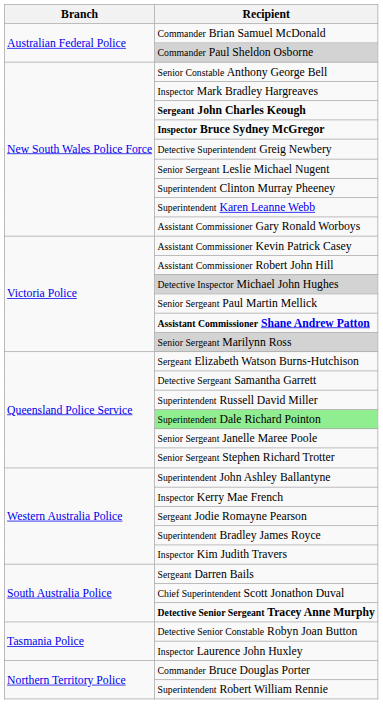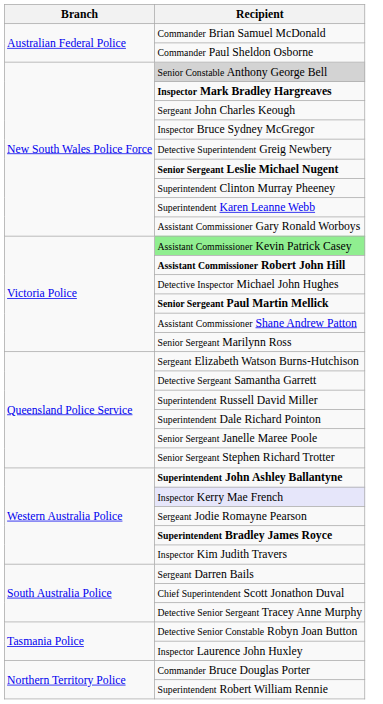 <table class="wikitable" style="font-size:95%;">
 <tr>
 <th>Branch</th>
 <th>Recipient</th>
 </tr>
 <tr>
 <td rowspan="2"><a href='#'>Australian Federal Police</a></td>
 <td><small>Commander</small> Brian Samuel McDonald</td>
 </tr>
 <tr>
-<td style="background: lightgrey;"><small>Commander</small> Paul Sheldon Osborne</td>
+<td><small>Commander</small> Paul Sheldon Osborne</td>
 </tr>
 <tr>
 <td rowspan="9"><a href='#'>New South Wales Police Force</a></td>
-<td><small>Senior Constable</small> Anthony George Bell</td>
+<td style="background: lightgrey;"><small>Senior Constable</small> Anthony George Bell</td>
 </tr>
 <tr>
-<td><small>Inspector</small> Mark Bradley Hargreaves</td>
+<td><strong><small>Inspector</small> Mark Bradley Hargreaves</strong></td>
 </tr>
 <tr>
-<td><strong><small>Sergeant</small> John Charles Keough</strong></td>
+<td><small>Sergeant</small> John Charles Keough</td>
 </tr>
 <tr>
-<td><strong><small>Inspector</small>  Bruce Sydney McGregor</strong></td>
+<td><small>Inspector</small>  Bruce Sydney McGregor</td>
 </tr>
 <tr>
 <td><small>Detective Superintendent</small> Greig Newbery</td>
 </tr>
 <tr>
-<td><small>Senior Sergeant</small> Leslie Michael Nugent</td>
+<td><strong><small>Senior Sergeant</small> Leslie Michael Nugent</strong></td>
 </tr>
 <tr>
 <td><small>Superintendent</small> Clinton Murray Pheeney</td>
 </tr>
 <tr>
 <td><small>Superintendent</small> <a href='#'>Karen Leanne Webb</a></td>
 </tr>
 <tr>
 <td><small>Assistant Commissioner</small> Gary Ronald Worboys</td>
 </tr>
 <tr>
 <td rowspan="6"><a href='#'>Victoria Police</a></td>
-<td><small>Assistant Commissioner</small> Kevin Patrick Casey</td>
+<td style="background: lightgreen;"><small>Assistant Commissioner</small> Kevin Patrick Casey</td>
 </tr>
 <tr>
-<td><small>Assistant Commissioner</small> Robert John Hill</td>
+<td><strong><small>Assistant Commissioner</small> Robert John Hill</strong></td>
 </tr>
 <tr>
-<td style="background: lightgrey;"><small>Detective Inspector</small> Michael John Hughes</td>
+<td><small>Detective Inspector</small> Michael John Hughes</td>
 </tr>
 <tr>
-<td><small>Senior Sergeant</small> Paul Martin Mellick</td>
+<td><strong><small>Senior Sergeant</small> Paul Martin Mellick</strong></td>
 </tr>
 <tr>
-<td><strong><small>Assistant Commissioner</small> <a href='#'>Shane Andrew Patton</a></strong></td>
+<td><small>Assistant Commissioner</small> <a href='#'>Shane Andrew Patton</a></td>
 </tr>
 <tr>
-<td style="background: lightgrey;"><small>Senior Sergeant</small> Marilynn Ross</td>
+<td><small>Senior Sergeant</small> Marilynn Ross</td>
 </tr>
 <tr>
 <td rowspan="6"><a href='#'>Queensland Police Service</a></td>
 <td><small>Sergeant</small> Elizabeth Watson Burns-Hutchison</td>
 </tr>
 <tr>
 <td><small>Detective Sergeant</small> Samantha Garrett</td>
 </tr>
 <tr>
 <td><small>Superintendent</small> Russell David Miller</td>
 </tr>
 <tr>
-<td style="background: lightgreen;"><small>Superintendent</small> Dale Richard Pointon</td>
+<td><small>Superintendent</small> Dale Richard Pointon</td>
 </tr>
 <tr>
 <td><small>Senior Sergeant</small> Janelle Maree Poole</td>
 </tr>
 <tr>
 <td><small>Senior Sergeant</small> Stephen Richard Trotter</td>
 </tr>
 <tr>
 <td rowspan="5"><a href='#'>Western Australia Police</a></td>
-<td><small>Superintendent</small> John Ashley Ballantyne</td>
+<td><strong><small>Superintendent</small> John Ashley Ballantyne</strong></td>
 </tr>
 <tr>
-<td><small>Inspector</small> Kerry Mae French</td>
+<td style="background: lavender;"><small>Inspector</small> Kerry Mae French</td>
 </tr>
 <tr>
 <td><small>Sergeant</small> Jodie Romayne Pearson</td>
 </tr>
 <tr>
-<td><small>Superintendent</small> Bradley James Royce</td>
+<td><strong><small>Superintendent</small> Bradley James Royce</strong></td>
 </tr>
 <tr>
 <td><small>Inspector</small> Kim Judith Travers</td>
 </tr>
 <tr>
 <td rowspan="3"><a href='#'>South Australia Police</a></td>
 <td><small>Sergeant</small> Darren Bails</td>
 </tr>
 <tr>
 <td><small>Chief Superintendent</small> Scott Jonathon Duval</td>
 </tr>
 <tr>
-<td><strong><small>Detective Senior Sergeant</small> Tracey Anne Murphy</strong></td>
+<td><small>Detective Senior Sergeant</small> Tracey Anne Murphy</td>
 </tr>
 <tr>
 <td rowspan="2"><a href='#'>Tasmania Police</a></td>
 <td><small>Detective Senior Constable</small> Robyn Joan Button</td>
 </tr>
 <tr>
 <td><small>Inspector</small> Laurence John Huxley</td>
 </tr>
 <tr>
 <td rowspan="2"><a href='#'>Northern Territory Police</a></td>
 <td><small>Commander</small> Bruce Douglas Porter</td>
 </tr>
 <tr>
 <td><small>Superintendent</small> Robert William Rennie</td>
 </tr>
 </table>
